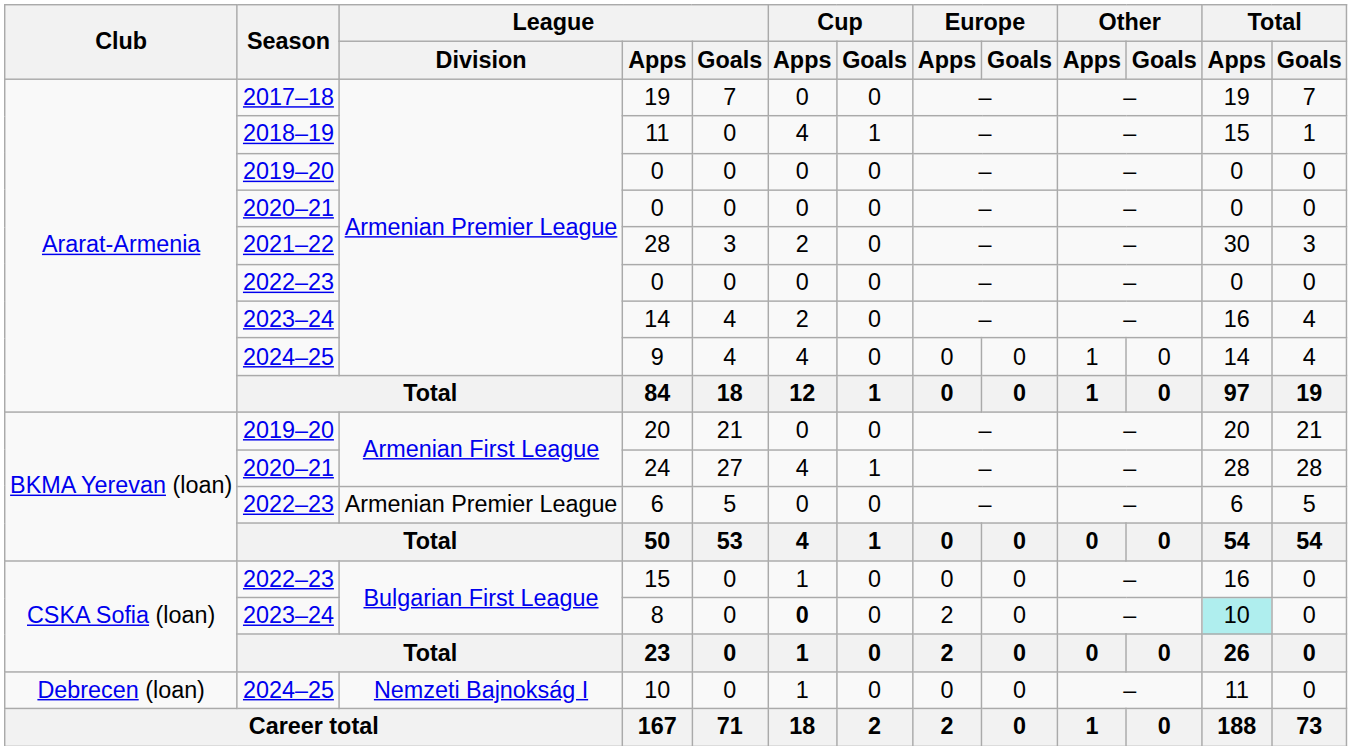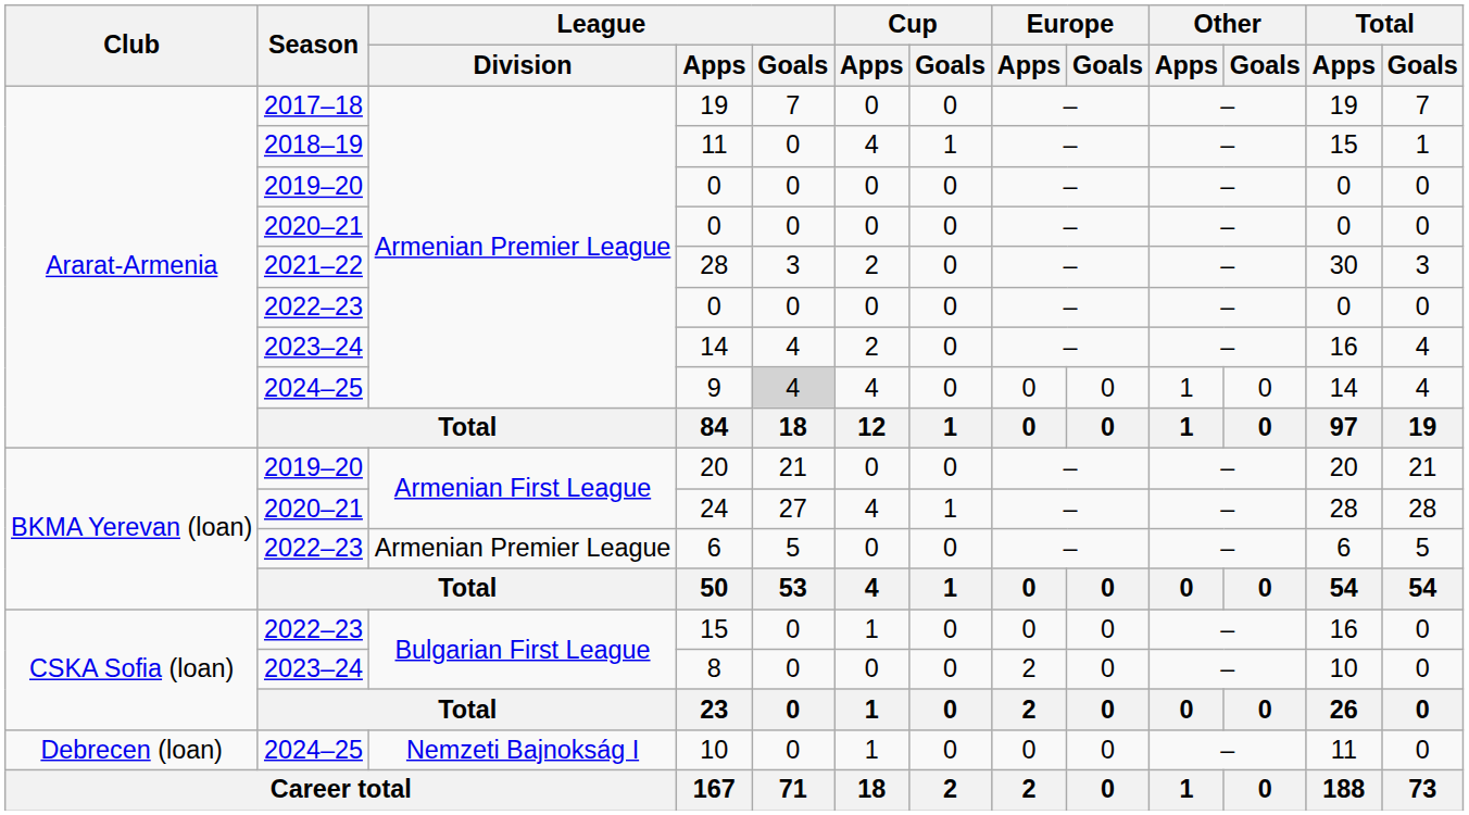 <table class="wikitable" style="text-align:center">
 <tr>
 <th rowspan="2">Club</th>
 <th rowspan="2">Season</th>
 <th colspan="3">League</th>
 <th colspan="2">Cup</th>
 <th colspan="2">Europe</th>
 <th colspan="2">Other</th>
 <th colspan="2">Total</th>
 </tr>
 <tr>
 <th>Division</th>
 <th>Apps</th>
 <th>Goals</th>
 <th>Apps</th>
 <th>Goals</th>
 <th>Apps</th>
 <th>Goals</th>
 <th>Apps</th>
 <th>Goals</th>
 <th>Apps</th>
 <th>Goals</th>
 </tr>
 <tr>
 <td rowspan="9"><a href='#'>Ararat-Armenia</a></td>
 <td><a href='#'>2017–18</a></td>
 <td rowspan="8"><a href='#'>Armenian Premier League</a></td>
 <td>19</td>
 <td>7</td>
 <td>0</td>
 <td>0</td>
 <td colspan="2">–</td>
 <td colspan="2">–</td>
 <td>19</td>
 <td>7</td>
 </tr>
 <tr>
 <td><a href='#'>2018–19</a></td>
 <td>11</td>
 <td>0</td>
 <td>4</td>
 <td>1</td>
 <td colspan="2">–</td>
 <td colspan="2">–</td>
 <td>15</td>
 <td>1</td>
 </tr>
 <tr>
 <td><a href='#'>2019–20</a></td>
 <td>0</td>
 <td>0</td>
 <td>0</td>
 <td>0</td>
 <td colspan="2">–</td>
 <td colspan="2">–</td>
 <td>0</td>
 <td>0</td>
 </tr>
 <tr>
 <td><a href='#'>2020–21</a></td>
 <td>0</td>
 <td>0</td>
 <td>0</td>
 <td>0</td>
 <td colspan="2">–</td>
 <td colspan="2">–</td>
 <td>0</td>
 <td>0</td>
 </tr>
 <tr>
 <td><a href='#'>2021–22</a></td>
 <td>28</td>
 <td>3</td>
 <td>2</td>
 <td>0</td>
 <td colspan="2">–</td>
 <td colspan="2">–</td>
 <td>30</td>
 <td>3</td>
 </tr>
 <tr>
 <td><a href='#'>2022–23</a></td>
 <td>0</td>
 <td>0</td>
 <td>0</td>
 <td>0</td>
 <td colspan="2">–</td>
 <td colspan="2">–</td>
 <td>0</td>
 <td>0</td>
 </tr>
 <tr>
 <td><a href='#'>2023–24</a></td>
 <td>14</td>
 <td>4</td>
 <td>2</td>
 <td>0</td>
 <td colspan="2">–</td>
 <td colspan="2">–</td>
 <td>16</td>
 <td>4</td>
 </tr>
 <tr>
 <td><a href='#'>2024–25</a></td>
 <td>9</td>
-<td>4</td>
+<td style="background: lightgrey;">4</td>
 <td>4</td>
 <td>0</td>
 <td>0</td>
 <td>0</td>
 <td>1</td>
 <td>0</td>
 <td>14</td>
 <td>4</td>
 </tr>
 <tr>
 <th colspan="2">Total</th>
 <th>84</th>
 <th>18</th>
 <th>12</th>
 <th>1</th>
 <th>0</th>
 <th>0</th>
 <th>1</th>
 <th>0</th>
 <th>97</th>
 <th>19</th>
 </tr>
 <tr>
 <td rowspan="4"><a href='#'>BKMA Yerevan</a> (loan)</td>
 <td><a href='#'>2019–20</a></td>
 <td rowspan="2"><a href='#'>Armenian First League</a></td>
 <td>20</td>
 <td>21</td>
 <td>0</td>
 <td>0</td>
 <td colspan="2">–</td>
 <td colspan="2">–</td>
 <td>20</td>
 <td>21</td>
 </tr>
 <tr>
 <td><a href='#'>2020–21</a></td>
 <td>24</td>
 <td>27</td>
 <td>4</td>
 <td>1</td>
 <td colspan="2">–</td>
 <td colspan="2">–</td>
 <td>28</td>
 <td>28</td>
 </tr>
 <tr>
 <td><a href='#'>2022–23</a></td>
 <td>Armenian Premier League</td>
 <td>6</td>
 <td>5</td>
 <td>0</td>
 <td>0</td>
 <td colspan="2">–</td>
 <td colspan="2">–</td>
 <td>6</td>
 <td>5</td>
 </tr>
 <tr>
 <th colspan="2">Total</th>
 <th>50</th>
 <th>53</th>
 <th>4</th>
 <th>1</th>
 <th>0</th>
 <th>0</th>
 <th>0</th>
 <th>0</th>
 <th>54</th>
 <th>54</th>
 </tr>
 <tr>
 <td rowspan="3"><a href='#'>CSKA Sofia</a> (loan)</td>
 <td><a href='#'>2022–23</a></td>
 <td rowspan="2"><a href='#'>Bulgarian First League</a></td>
 <td>15</td>
 <td>0</td>
 <td>1</td>
 <td>0</td>
 <td>0</td>
 <td>0</td>
 <td colspan="2">–</td>
 <td>16</td>
 <td>0</td>
 </tr>
 <tr>
 <td><a href='#'>2023–24</a></td>
 <td>8</td>
 <td>0</td>
-<td><strong>0</strong></td>
+<td>0</td>
 <td>0</td>
 <td>2</td>
 <td>0</td>
 <td colspan="2">–</td>
-<td style="background: paleturquoise;">10</td>
+<td>10</td>
 <td>0</td>
 </tr>
 <tr>
 <th colspan="2">Total</th>
 <th>23</th>
 <th>0</th>
 <th>1</th>
 <th>0</th>
 <th>2</th>
 <th>0</th>
 <th>0</th>
 <th>0</th>
 <th>26</th>
 <th>0</th>
 </tr>
 <tr>
 <td><a href='#'>Debrecen</a> (loan)</td>
 <td><a href='#'>2024–25</a></td>
 <td><a href='#'>Nemzeti Bajnokság I</a></td>
 <td>10</td>
 <td>0</td>
 <td>1</td>
 <td>0</td>
 <td>0</td>
 <td>0</td>
 <td colspan="2">–</td>
 <td>11</td>
 <td>0</td>
 </tr>
 <tr>
 <th colspan="3">Career total</th>
 <th>167</th>
 <th>71</th>
 <th>18</th>
 <th>2</th>
 <th>2</th>
 <th>0</th>
 <th>1</th>
 <th>0</th>
 <th>188</th>
 <th>73</th>
 </tr>
 </table>
